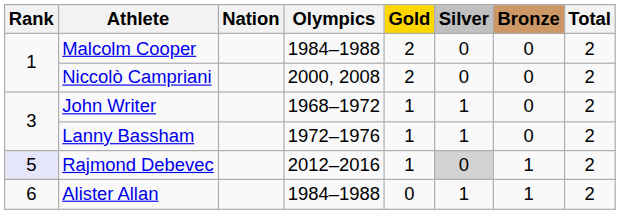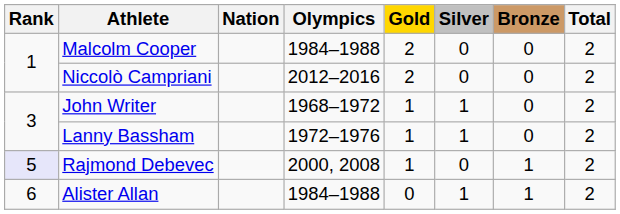 <table class="wikitable sortable" style="text-align:center">
 <tr>
 <th>Rank</th>
 <th>Athlete</th>
 <th>Nation</th>
 <th>Olympics</th>
 <th style="background-color:gold">Gold</th>
 <th style="background-color:silver">Silver</th>
 <th style="background-color:#cc9966">Bronze</th>
 <th>Total</th>
 </tr>
 <tr>
 <td rowspan=2>1</td>
 <td align=left data-sort-value="Cooper, Malcolm"><a href='#'>Malcolm Cooper</a></td>
 <td align=left></td>
 <td>1984–1988</td>
 <td>2</td>
 <td>0</td>
 <td>0</td>
 <td>2</td>
 </tr>
 <tr>
 <td align=left data-sort-value="Campriani, Niccolò"><a href='#'>Niccolò Campriani</a></td>
 <td align=left></td>
-<td>2000, 2008</td>
+<td>2012–2016</td>
 <td>2</td>
 <td>0</td>
 <td>0</td>
 <td>2</td>
 </tr>
 <tr>
 <td rowspan=2>3</td>
 <td align=left data-sort-value="Writer, John"><a href='#'>John Writer</a></td>
 <td align=left></td>
 <td>1968–1972</td>
 <td>1</td>
 <td>1</td>
 <td>0</td>
 <td>2</td>
 </tr>
 <tr>
 <td align=left data-sort-value="Bassham, Lanny"><a href='#'>Lanny Bassham</a></td>
 <td align=left></td>
 <td>1972–1976</td>
 <td>1</td>
 <td>1</td>
 <td>0</td>
 <td>2</td>
 </tr>
 <tr>
 <td style="background: lavender;">5</td>
 <td align=left data-sort-value="Debevec, Rajmond"><a href='#'>Rajmond Debevec</a></td>
 <td align=left></td>
-<td>2012–2016</td>
+<td>2000, 2008</td>
 <td>1</td>
-<td style="background: lightgrey;">0</td>
+<td>0</td>
 <td>1</td>
 <td>2</td>
 </tr>
 <tr>
 <td>6</td>
 <td align=left data-sort-value="Allan, Alister"><a href='#'>Alister Allan</a></td>
 <td align=left></td>
 <td>1984–1988</td>
 <td>0</td>
 <td>1</td>
 <td>1</td>
 <td>2</td>
 </tr>
 </table>
